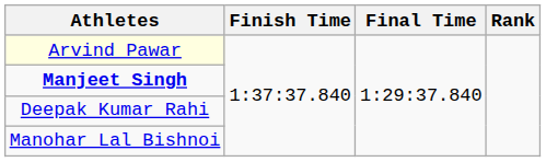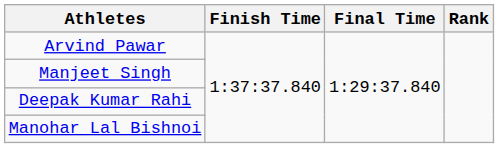 <table class="wikitable" style="text-align:center;">
 <tr>
 <th>Athletes</th>
 <th>Finish Time</th>
 <th>Final Time</th>
 <th>Rank</th>
 </tr>
 <tr>
-<td style="background: lightyellow;"><a href='#'>Arvind Pawar</a></td>
+<td><a href='#'>Arvind Pawar</a></td>
 <td rowspan="4">1:37:37.840</td>
 <td rowspan="4">1:29:37.840</td>
 <td rowspan="4"></td>
 </tr>
 <tr>
-<td><strong><a href='#'>Manjeet Singh</a></strong></td>
+<td><a href='#'>Manjeet Singh</a></td>
 </tr>
 <tr>
 <td><a href='#'>Deepak Kumar Rahi</a></td>
 </tr>
 <tr>
 <td><a href='#'>Manohar Lal Bishnoi</a></td>
 </tr>
 </table>
